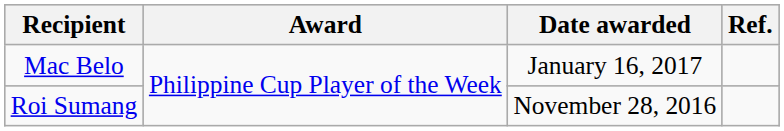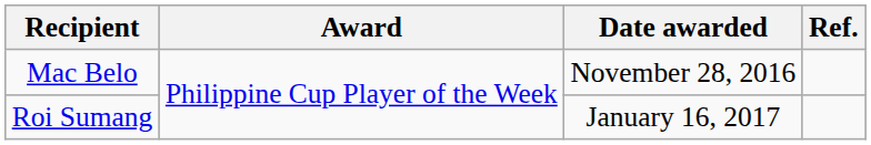 <table class="wikitable sortable sortable" style="text-align: center">
 <tr>
 <th>Recipient</th>
 <th>Award</th>
 <th>Date awarded</th>
 <th>Ref.</th>
 </tr>
 <tr>
 <td><a href='#'>Mac Belo</a></td>
 <td rowspan=2><a href='#'>Philippine Cup Player of the Week</a></td>
-<td>January 16, 2017</td>
+<td>November 28, 2016</td>
 <td align=center></td>
 </tr>
 <tr>
 <td><a href='#'>Roi Sumang</a></td>
-<td>November 28, 2016</td>
+<td>January 16, 2017</td>
 <td align=center></td>
 </tr>
 </table>
